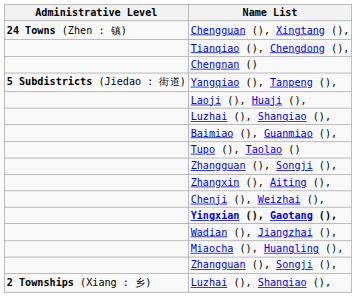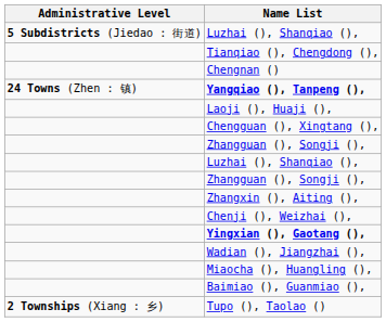 <table class="wikitable">
 <tr>
 <th>Administrative Level</th>
 <th>Name List</th>
 </tr>
 <tr>
-<td><strong>24 Towns</strong> (Zhen : 镇)</td>
-<td><a href='#'>Chengguan</a> (), <a href='#'>Xingtang</a> (),</td>
+<td><strong>5 Subdistricts</strong> (Jiedao : 街道)</td>
+<td><a href='#'>Luzhai</a> (), <a href='#'>Shanqiao</a> (),</td>
 </tr>
 <tr>
 <td></td>
 <td><a href='#'>Tianqiao</a> (), <a href='#'>Chengdong</a> (),</td>
 </tr>
 <tr>
 <td></td>
 <td><a href='#'>Chengnan</a> ()</td>
 </tr>
 <tr>
-<td><strong>5 Subdistricts</strong> (Jiedao : 街道)</td>
-<td><a href='#'>Yangqiao</a> (), <a href='#'>Tanpeng</a> (),</td>
+<td><strong>24 Towns</strong> (Zhen : 镇)</td>
+<td><strong><a href='#'>Yangqiao</a> (), <a href='#'>Tanpeng</a> (),</strong></td>
 </tr>
 <tr>
 <td></td>
 <td><a href='#'>Laoji</a> (), <a href='#'>Huaji</a> (),</td>
 </tr>
 <tr>
 <td></td>
-<td><a href='#'>Luzhai</a> (), <a href='#'>Shanqiao</a> (),</td>
+<td><a href='#'>Chengguan</a> (), <a href='#'>Xingtang</a> (),</td>
 </tr>
 <tr>
 <td></td>
-<td><a href='#'>Baimiao</a> (), <a href='#'>Guanmiao</a> (),</td>
+<td><a href='#'>Zhangguan</a> (), <a href='#'>Songji</a> (),</td>
 </tr>
 <tr>
 <td></td>
-<td><a href='#'>Tupo</a> (), <a href='#'>Taolao</a> ()</td>
+<td><a href='#'>Luzhai</a> (), <a href='#'>Shanqiao</a> (),</td>
 </tr>
 <tr>
 <td></td>
 <td><a href='#'>Zhangguan</a> (), <a href='#'>Songji</a> (),</td>
 </tr>
 <tr>
 <td></td>
 <td><a href='#'>Zhangxin</a> (), <a href='#'>Aiting</a> (),</td>
 </tr>
 <tr>
 <td></td>
 <td><a href='#'>Chenji</a> (), <a href='#'>Weizhai</a> (),</td>
 </tr>
 <tr>
 <td></td>
 <td><strong><a href='#'>Yingxian</a> (), <a href='#'>Gaotang</a> (),</strong></td>
 </tr>
 <tr>
 <td></td>
 <td><a href='#'>Wadian</a> (), <a href='#'>Jiangzhai</a> (),</td>
 </tr>
 <tr>
 <td></td>
 <td><a href='#'>Miaocha</a> (), <a href='#'>Huangling</a> (),</td>
 </tr>
 <tr>
 <td></td>
-<td><a href='#'>Zhangguan</a> (), <a href='#'>Songji</a> (),</td>
+<td><a href='#'>Baimiao</a> (), <a href='#'>Guanmiao</a> (),</td>
 </tr>
 <tr>
 <td><strong>2 Townships</strong> (Xiang : 乡)</td>
-<td><a href='#'>Luzhai</a> (), <a href='#'>Shanqiao</a> (),</td>
+<td><a href='#'>Tupo</a> (), <a href='#'>Taolao</a> ()</td>
 </tr>
 </table>
